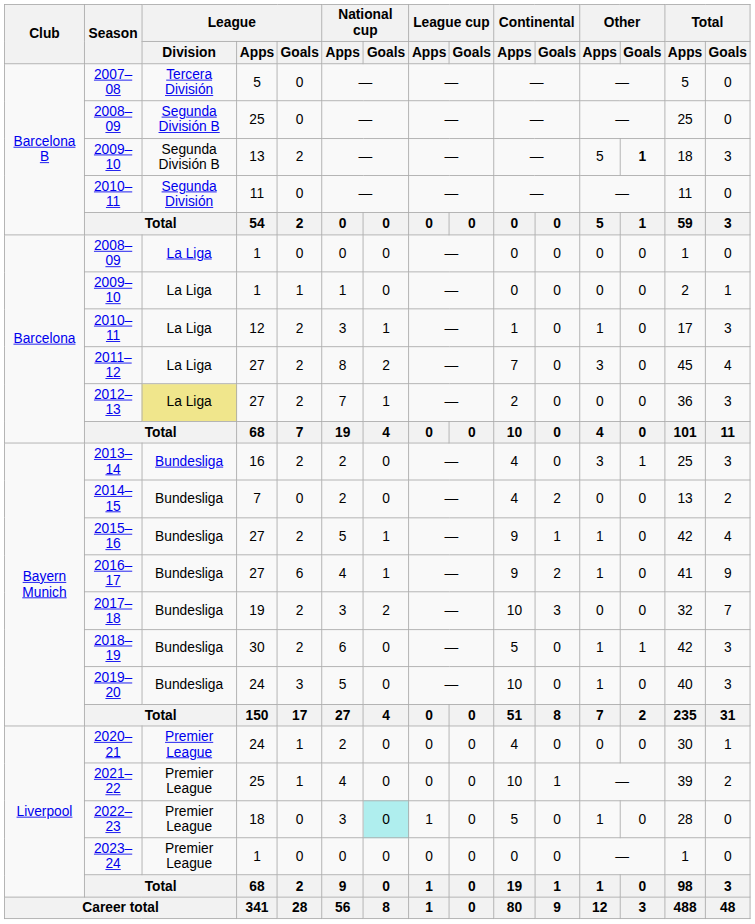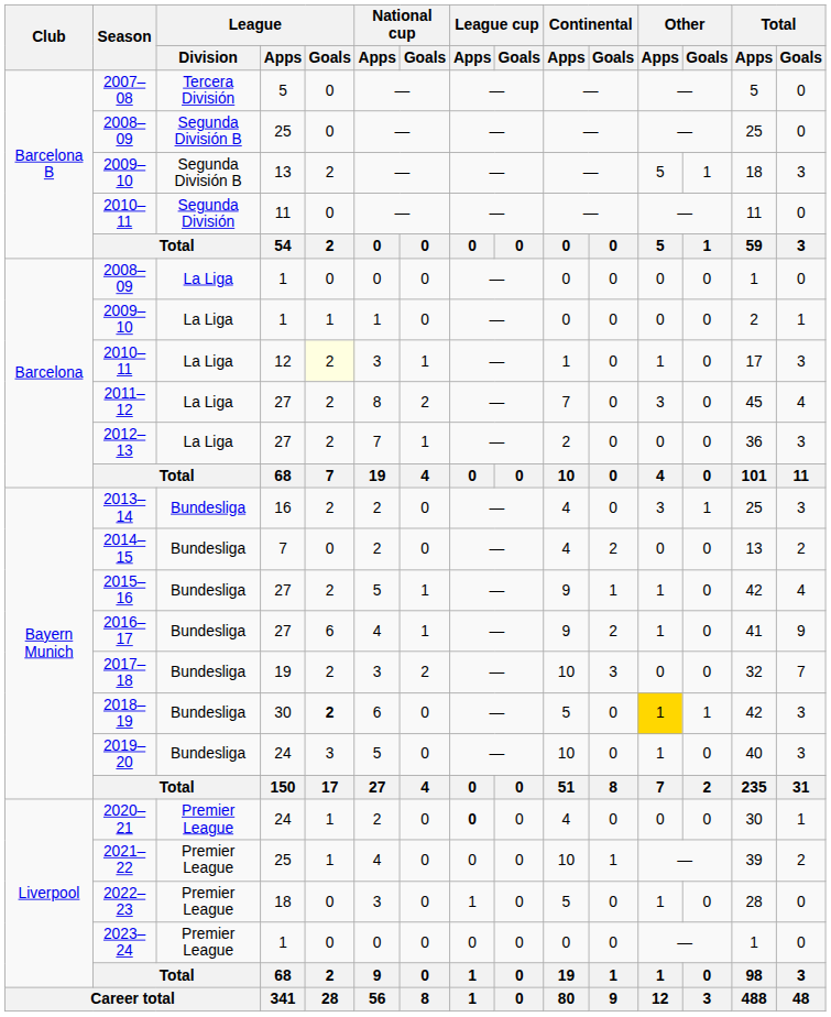 <table class="wikitable" style="text-align: center">
 <tr>
 <th rowspan="2">Club</th>
 <th rowspan="2">Season</th>
 <th colspan="3">League</th>
 <th colspan="2">National cup</th>
 <th colspan="2">League cup</th>
 <th colspan="2">Continental</th>
 <th colspan="2">Other</th>
 <th colspan="2">Total</th>
 </tr>
 <tr>
 <th>Division</th>
 <th>Apps</th>
 <th>Goals</th>
 <th>Apps</th>
 <th>Goals</th>
 <th>Apps</th>
 <th>Goals</th>
 <th>Apps</th>
 <th>Goals</th>
 <th>Apps</th>
 <th>Goals</th>
 <th>Apps</th>
 <th>Goals</th>
 </tr>
 <tr>
 <td rowspan="5"><a href='#'>Barcelona B</a></td>
 <td><a href='#'>2007–08</a></td>
 <td><a href='#'>Tercera División</a></td>
 <td>5</td>
 <td>0</td>
 <td colspan="2">—</td>
 <td colspan="2">—</td>
 <td colspan="2">—</td>
 <td colspan="2">—</td>
 <td>5</td>
 <td>0</td>
 </tr>
 <tr>
 <td><a href='#'>2008–09</a></td>
 <td><a href='#'>Segunda División B</a></td>
 <td>25</td>
 <td>0</td>
 <td colspan="2">—</td>
 <td colspan="2">—</td>
 <td colspan="2">—</td>
 <td colspan="2">—</td>
 <td>25</td>
 <td>0</td>
 </tr>
 <tr>
 <td><a href='#'>2009–10</a></td>
 <td>Segunda División B</td>
 <td>13</td>
 <td>2</td>
 <td colspan="2">—</td>
 <td colspan="2">—</td>
 <td colspan="2">—</td>
 <td>5</td>
-<td><strong>1</strong></td>
+<td>1</td>
 <td>18</td>
 <td>3</td>
 </tr>
 <tr>
 <td><a href='#'>2010–11</a></td>
 <td><a href='#'>Segunda División</a></td>
 <td>11</td>
 <td>0</td>
 <td colspan="2">—</td>
 <td colspan="2">—</td>
 <td colspan="2">—</td>
 <td colspan="2">—</td>
 <td>11</td>
 <td>0</td>
 </tr>
 <tr>
 <th colspan="2">Total</th>
 <th>54</th>
 <th>2</th>
 <th>0</th>
 <th>0</th>
 <th>0</th>
 <th>0</th>
 <th>0</th>
 <th>0</th>
 <th>5</th>
 <th>1</th>
 <th>59</th>
 <th>3</th>
 </tr>
 <tr>
 <td rowspan="6"><a href='#'>Barcelona</a></td>
 <td><a href='#'>2008–09</a></td>
 <td><a href='#'>La Liga</a></td>
 <td>1</td>
 <td>0</td>
 <td>0</td>
 <td>0</td>
 <td colspan="2">—</td>
 <td>0</td>
 <td>0</td>
 <td>0</td>
 <td>0</td>
 <td>1</td>
 <td>0</td>
 </tr>
 <tr>
 <td><a href='#'>2009–10</a></td>
 <td>La Liga</td>
 <td>1</td>
 <td>1</td>
 <td>1</td>
 <td>0</td>
 <td colspan="2">—</td>
 <td>0</td>
 <td>0</td>
 <td>0</td>
 <td>0</td>
 <td>2</td>
 <td>1</td>
 </tr>
 <tr>
 <td><a href='#'>2010–11</a></td>
 <td>La Liga</td>
 <td>12</td>
-<td>2</td>
+<td style="background: lightyellow;">2</td>
 <td>3</td>
 <td>1</td>
 <td colspan="2">—</td>
 <td>1</td>
 <td>0</td>
 <td>1</td>
 <td>0</td>
 <td>17</td>
 <td>3</td>
 </tr>
 <tr>
 <td><a href='#'>2011–12</a></td>
 <td>La Liga</td>
 <td>27</td>
 <td>2</td>
 <td>8</td>
 <td>2</td>
 <td colspan="2">—</td>
 <td>7</td>
 <td>0</td>
 <td>3</td>
 <td>0</td>
 <td>45</td>
 <td>4</td>
 </tr>
 <tr>
 <td><a href='#'>2012–13</a></td>
-<td style="background: khaki;">La Liga</td>
+<td>La Liga</td>
 <td>27</td>
 <td>2</td>
 <td>7</td>
 <td>1</td>
 <td colspan="2">—</td>
 <td>2</td>
 <td>0</td>
 <td>0</td>
 <td>0</td>
 <td>36</td>
 <td>3</td>
 </tr>
 <tr>
 <th colspan="2">Total</th>
 <th>68</th>
 <th>7</th>
 <th>19</th>
 <th>4</th>
 <th>0</th>
 <th>0</th>
 <th>10</th>
 <th>0</th>
 <th>4</th>
 <th>0</th>
 <th>101</th>
 <th>11</th>
 </tr>
 <tr>
 <td rowspan="8"><a href='#'>Bayern Munich</a></td>
 <td><a href='#'>2013–14</a></td>
 <td><a href='#'>Bundesliga</a></td>
 <td>16</td>
 <td>2</td>
 <td>2</td>
 <td>0</td>
 <td colspan="2">—</td>
 <td>4</td>
 <td>0</td>
 <td>3</td>
 <td>1</td>
 <td>25</td>
 <td>3</td>
 </tr>
 <tr>
 <td><a href='#'>2014–15</a></td>
 <td>Bundesliga</td>
 <td>7</td>
 <td>0</td>
 <td>2</td>
 <td>0</td>
 <td colspan="2">—</td>
 <td>4</td>
 <td>2</td>
 <td>0</td>
 <td>0</td>
 <td>13</td>
 <td>2</td>
 </tr>
 <tr>
 <td><a href='#'>2015–16</a></td>
 <td>Bundesliga</td>
 <td>27</td>
 <td>2</td>
 <td>5</td>
 <td>1</td>
 <td colspan="2">—</td>
 <td>9</td>
 <td>1</td>
 <td>1</td>
 <td>0</td>
 <td>42</td>
 <td>4</td>
 </tr>
 <tr>
 <td><a href='#'>2016–17</a></td>
 <td>Bundesliga</td>
 <td>27</td>
 <td>6</td>
 <td>4</td>
 <td>1</td>
 <td colspan="2">—</td>
 <td>9</td>
 <td>2</td>
 <td>1</td>
 <td>0</td>
 <td>41</td>
 <td>9</td>
 </tr>
 <tr>
 <td><a href='#'>2017–18</a></td>
 <td>Bundesliga</td>
 <td>19</td>
 <td>2</td>
 <td>3</td>
 <td>2</td>
 <td colspan="2">—</td>
 <td>10</td>
 <td>3</td>
 <td>0</td>
 <td>0</td>
 <td>32</td>
 <td>7</td>
 </tr>
 <tr>
 <td><a href='#'>2018–19</a></td>
 <td>Bundesliga</td>
 <td>30</td>
-<td>2</td>
+<td><strong>2</strong></td>
 <td>6</td>
 <td>0</td>
 <td colspan="2">—</td>
 <td>5</td>
 <td>0</td>
-<td>1</td>
+<td style="background: gold;">1</td>
 <td>1</td>
 <td>42</td>
 <td>3</td>
 </tr>
 <tr>
 <td><a href='#'>2019–20</a></td>
 <td>Bundesliga</td>
 <td>24</td>
 <td>3</td>
 <td>5</td>
 <td>0</td>
 <td colspan="2">—</td>
 <td>10</td>
 <td>0</td>
 <td>1</td>
 <td>0</td>
 <td>40</td>
 <td>3</td>
 </tr>
 <tr>
 <th colspan="2">Total</th>
 <th>150</th>
 <th>17</th>
 <th>27</th>
 <th>4</th>
 <th>0</th>
 <th>0</th>
 <th>51</th>
 <th>8</th>
 <th>7</th>
 <th>2</th>
 <th>235</th>
 <th>31</th>
 </tr>
 <tr>
 <td rowspan="5"><a href='#'>Liverpool</a></td>
 <td><a href='#'>2020–21</a></td>
 <td><a href='#'>Premier League</a></td>
 <td>24</td>
 <td>1</td>
 <td>2</td>
 <td>0</td>
-<td>0</td>
+<td><strong>0</strong></td>
 <td>0</td>
 <td>4</td>
 <td>0</td>
 <td>0</td>
 <td>0</td>
 <td>30</td>
 <td>1</td>
 </tr>
 <tr>
 <td><a href='#'>2021–22</a></td>
 <td>Premier League</td>
 <td>25</td>
 <td>1</td>
 <td>4</td>
 <td>0</td>
 <td>0</td>
 <td>0</td>
 <td>10</td>
 <td>1</td>
 <td colspan="2">—</td>
 <td>39</td>
 <td>2</td>
 </tr>
 <tr>
 <td><a href='#'>2022–23</a></td>
 <td>Premier League</td>
 <td>18</td>
 <td>0</td>
 <td>3</td>
-<td style="background: paleturquoise;">0</td>
+<td>0</td>
 <td>1</td>
 <td>0</td>
 <td>5</td>
 <td>0</td>
 <td>1</td>
 <td>0</td>
 <td>28</td>
 <td>0</td>
 </tr>
 <tr>
 <td><a href='#'>2023–24</a></td>
 <td>Premier League</td>
 <td>1</td>
 <td>0</td>
 <td>0</td>
 <td>0</td>
 <td>0</td>
 <td>0</td>
 <td>0</td>
 <td>0</td>
 <td colspan="2">—</td>
 <td>1</td>
 <td>0</td>
 </tr>
 <tr>
 <th colspan="2">Total</th>
 <th>68</th>
 <th>2</th>
 <th>9</th>
 <th>0</th>
 <th>1</th>
 <th>0</th>
 <th>19</th>
 <th>1</th>
 <th>1</th>
 <th>0</th>
 <th>98</th>
 <th>3</th>
 </tr>
 <tr>
 <th colspan="3">Career total</th>
 <th>341</th>
 <th>28</th>
 <th>56</th>
 <th>8</th>
 <th>1</th>
 <th>0</th>
 <th>80</th>
 <th>9</th>
 <th>12</th>
 <th>3</th>
 <th>488</th>
 <th>48</th>
 </tr>
 </table>
